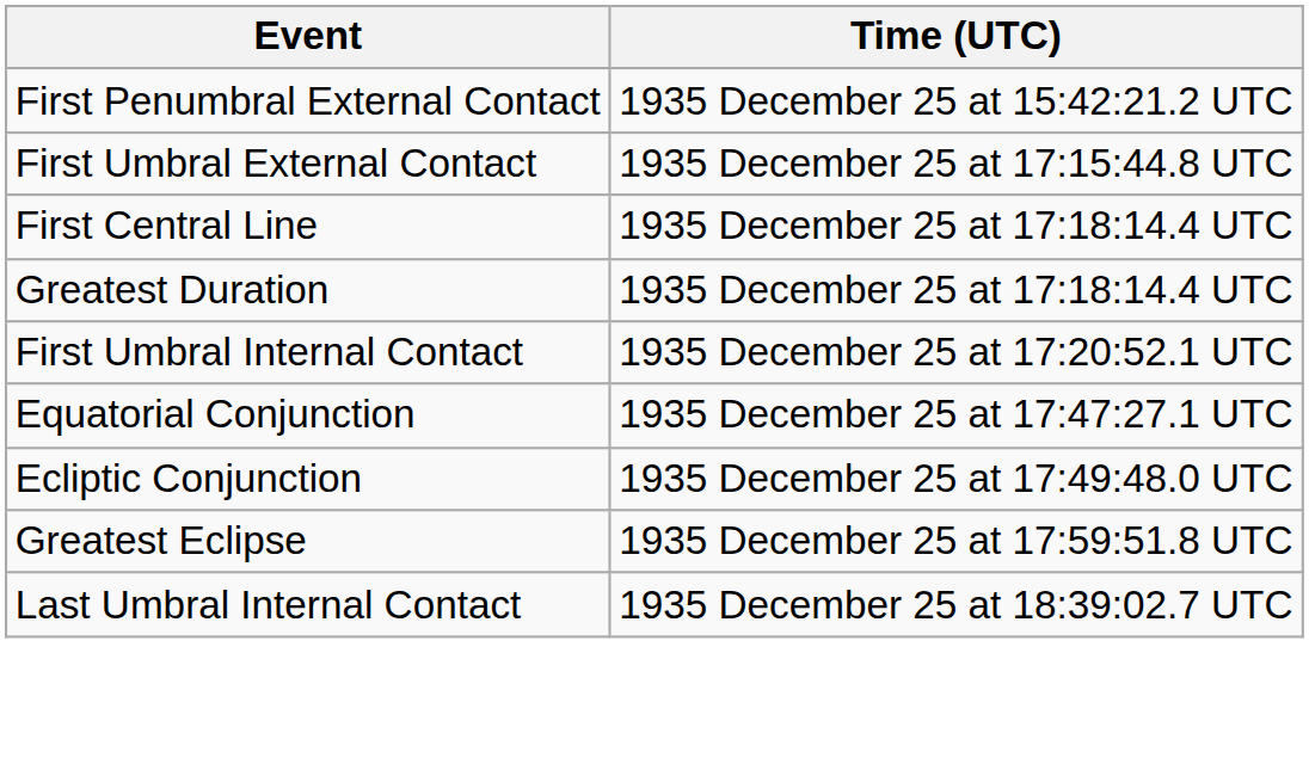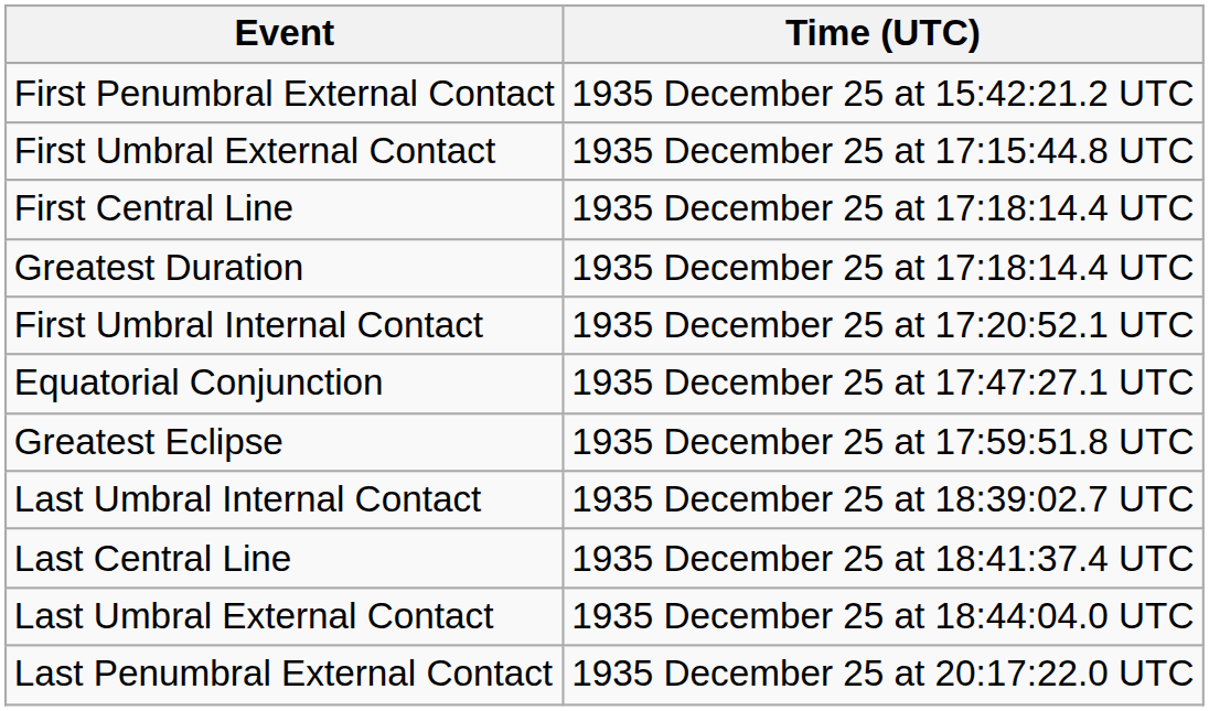 <table class="wikitable">
 <tr>
 <th>Event</th>
 <th>Time (UTC)</th>
 </tr>
 <tr>
 <td>First Penumbral External Contact</td>
 <td>1935 December 25 at 15:42:21.2 UTC</td>
 </tr>
 <tr>
 <td>First Umbral External Contact</td>
 <td>1935 December 25 at 17:15:44.8 UTC</td>
 </tr>
 <tr>
 <td>First Central Line</td>
 <td>1935 December 25 at 17:18:14.4 UTC</td>
 </tr>
 <tr>
 <td>Greatest Duration</td>
 <td>1935 December 25 at 17:18:14.4 UTC</td>
 </tr>
 <tr>
 <td>First Umbral Internal Contact</td>
 <td>1935 December 25 at 17:20:52.1 UTC</td>
 </tr>
 <tr>
 <td>Equatorial Conjunction</td>
 <td>1935 December 25 at 17:47:27.1 UTC</td>
 </tr>
 <tr>
-<td>Ecliptic Conjunction</td>
-<td>1935 December 25 at 17:49:48.0 UTC</td>
-</tr>
-<tr>
 <td>Greatest Eclipse</td>
 <td>1935 December 25 at 17:59:51.8 UTC</td>
 </tr>
 <tr>
 <td>Last Umbral Internal Contact</td>
 <td>1935 December 25 at 18:39:02.7 UTC</td>
 </tr>
+<tr>
+<td>Last Central Line</td>
+<td>1935 December 25 at 18:41:37.4 UTC</td>
+</tr>
+<tr>
+<td>Last Umbral External Contact</td>
+<td>1935 December 25 at 18:44:04.0 UTC</td>
+</tr>
+<tr>
+<td>Last Penumbral External Contact</td>
+<td>1935 December 25 at 20:17:22.0 UTC</td>
+</tr>
 </table>
